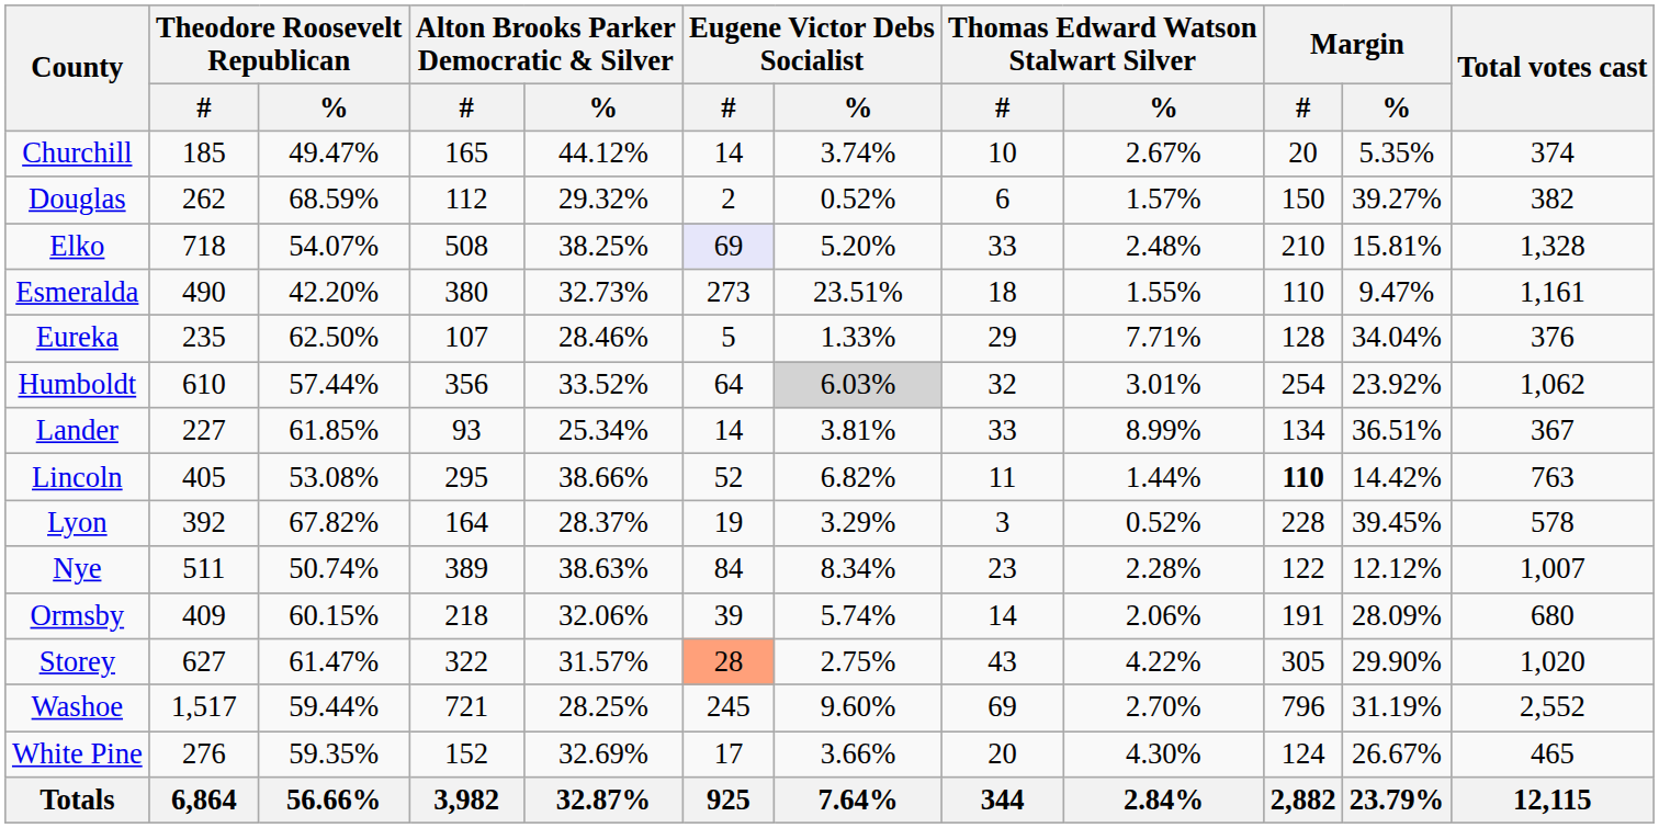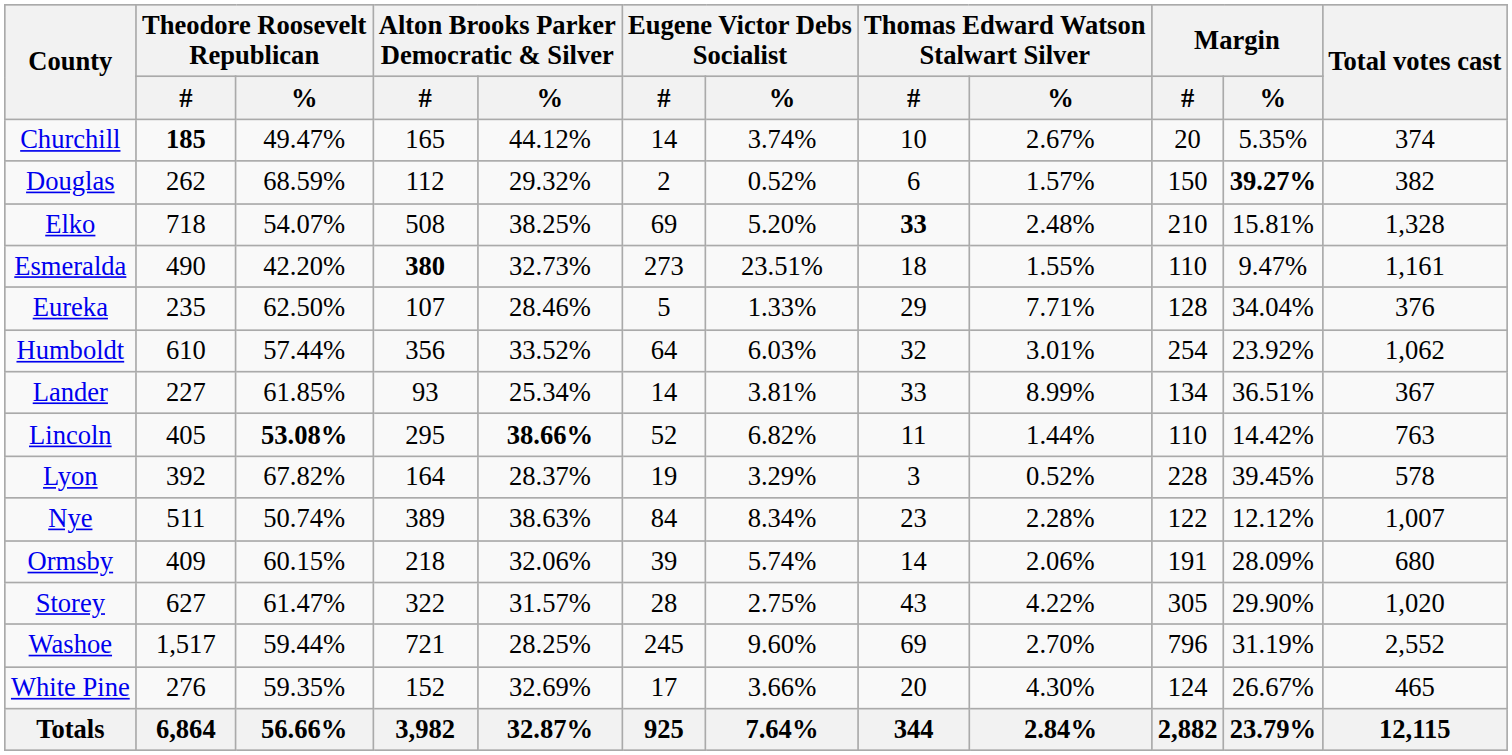 <table class="wikitable sortable" style="text-align:center">
 <tr>
 <th style="text-align:center;" rowspan="2">County</th>
 <th style="text-align:center;" colspan="2">Theodore Roosevelt<br>Republican</th>
 <th style="text-align:center;" colspan="2">Alton Brooks Parker<br>Democratic & Silver</th>
 <th style="text-align:center;" colspan="2">Eugene Victor Debs<br>Socialist</th>
 <th style="text-align:center;" colspan="2">Thomas Edward Watson<br>Stalwart Silver</th>
 <th style="text-align:center;" colspan="2">Margin</th>
 <th style="text-align:center;" rowspan="2">Total votes cast</th>
 </tr>
 <tr>
 <th style="text-align:center;" data-sort-type="number">#</th>
 <th style="text-align:center;" data-sort-type="number">%</th>
 <th style="text-align:center;" data-sort-type="number">#</th>
 <th style="text-align:center;" data-sort-type="number">%</th>
 <th style="text-align:center;" data-sort-type="number">#</th>
 <th style="text-align:center;" data-sort-type="number">%</th>
 <th style="text-align:center;" data-sort-type="number">#</th>
 <th style="text-align:center;" data-sort-type="number">%</th>
 <th style="text-align:center;" data-sort-type="number">#</th>
 <th style="text-align:center;" data-sort-type="number">%</th>
 </tr>
 <tr style="text-align:center;">
 <td><a href='#'>Churchill</a></td>
-<td>185</td>
+<td><strong>185</strong></td>
 <td>49.47%</td>
 <td>165</td>
 <td>44.12%</td>
 <td>14</td>
 <td>3.74%</td>
 <td>10</td>
 <td>2.67%</td>
 <td>20</td>
 <td>5.35%</td>
 <td>374</td>
 </tr>
 <tr style="text-align:center;">
 <td><a href='#'>Douglas</a></td>
 <td>262</td>
 <td>68.59%</td>
 <td>112</td>
 <td>29.32%</td>
 <td>2</td>
 <td>0.52%</td>
 <td>6</td>
 <td>1.57%</td>
 <td>150</td>
-<td>39.27%</td>
+<td><strong>39.27%</strong></td>
 <td>382</td>
 </tr>
 <tr style="text-align:center;">
 <td><a href='#'>Elko</a></td>
 <td>718</td>
 <td>54.07%</td>
 <td>508</td>
 <td>38.25%</td>
-<td style="background: lavender;">69</td>
+<td>69</td>
 <td>5.20%</td>
-<td>33</td>
+<td><strong>33</strong></td>
 <td>2.48%</td>
 <td>210</td>
 <td>15.81%</td>
 <td>1,328</td>
 </tr>
 <tr style="text-align:center;">
 <td><a href='#'>Esmeralda</a></td>
 <td>490</td>
 <td>42.20%</td>
-<td>380</td>
+<td><strong>380</strong></td>
 <td>32.73%</td>
 <td>273</td>
 <td>23.51%</td>
 <td>18</td>
 <td>1.55%</td>
 <td>110</td>
 <td>9.47%</td>
 <td>1,161</td>
 </tr>
 <tr style="text-align:center;">
 <td><a href='#'>Eureka</a></td>
 <td>235</td>
 <td>62.50%</td>
 <td>107</td>
 <td>28.46%</td>
 <td>5</td>
 <td>1.33%</td>
 <td>29</td>
 <td>7.71%</td>
 <td>128</td>
 <td>34.04%</td>
 <td>376</td>
 </tr>
 <tr style="text-align:center;">
 <td><a href='#'>Humboldt</a></td>
 <td>610</td>
 <td>57.44%</td>
 <td>356</td>
 <td>33.52%</td>
 <td>64</td>
-<td style="background: lightgrey;">6.03%</td>
+<td>6.03%</td>
 <td>32</td>
 <td>3.01%</td>
 <td>254</td>
 <td>23.92%</td>
 <td>1,062</td>
 </tr>
 <tr style="text-align:center;">
 <td><a href='#'>Lander</a></td>
 <td>227</td>
 <td>61.85%</td>
 <td>93</td>
 <td>25.34%</td>
 <td>14</td>
 <td>3.81%</td>
 <td>33</td>
 <td>8.99%</td>
 <td>134</td>
 <td>36.51%</td>
 <td>367</td>
 </tr>
 <tr style="text-align:center;">
 <td><a href='#'>Lincoln</a></td>
 <td>405</td>
-<td>53.08%</td>
+<td><strong>53.08%</strong></td>
 <td>295</td>
-<td>38.66%</td>
+<td><strong>38.66%</strong></td>
 <td>52</td>
 <td>6.82%</td>
 <td>11</td>
 <td>1.44%</td>
-<td><strong>110</strong></td>
+<td>110</td>
 <td>14.42%</td>
 <td>763</td>
 </tr>
 <tr style="text-align:center;">
 <td><a href='#'>Lyon</a></td>
 <td>392</td>
 <td>67.82%</td>
 <td>164</td>
 <td>28.37%</td>
 <td>19</td>
 <td>3.29%</td>
 <td>3</td>
 <td>0.52%</td>
 <td>228</td>
 <td>39.45%</td>
 <td>578</td>
 </tr>
 <tr style="text-align:center;">
 <td><a href='#'>Nye</a></td>
 <td>511</td>
 <td>50.74%</td>
 <td>389</td>
 <td>38.63%</td>
 <td>84</td>
 <td>8.34%</td>
 <td>23</td>
 <td>2.28%</td>
 <td>122</td>
 <td>12.12%</td>
 <td>1,007</td>
 </tr>
 <tr style="text-align:center;">
 <td><a href='#'>Ormsby</a></td>
 <td>409</td>
 <td>60.15%</td>
 <td>218</td>
 <td>32.06%</td>
 <td>39</td>
 <td>5.74%</td>
 <td>14</td>
 <td>2.06%</td>
 <td>191</td>
 <td>28.09%</td>
 <td>680</td>
 </tr>
 <tr style="text-align:center;">
 <td><a href='#'>Storey</a></td>
 <td>627</td>
 <td>61.47%</td>
 <td>322</td>
 <td>31.57%</td>
-<td style="background: lightsalmon;">28</td>
+<td>28</td>
 <td>2.75%</td>
 <td>43</td>
 <td>4.22%</td>
 <td>305</td>
 <td>29.90%</td>
 <td>1,020</td>
 </tr>
 <tr style="text-align:center;">
 <td><a href='#'>Washoe</a></td>
 <td>1,517</td>
 <td>59.44%</td>
 <td>721</td>
 <td>28.25%</td>
 <td>245</td>
 <td>9.60%</td>
 <td>69</td>
 <td>2.70%</td>
 <td>796</td>
 <td>31.19%</td>
 <td>2,552</td>
 </tr>
 <tr style="text-align:center;">
 <td><a href='#'>White Pine</a></td>
 <td>276</td>
 <td>59.35%</td>
 <td>152</td>
 <td>32.69%</td>
 <td>17</td>
 <td>3.66%</td>
 <td>20</td>
 <td>4.30%</td>
 <td>124</td>
 <td>26.67%</td>
 <td>465</td>
 </tr>
 <tr style="text-align:center;">
 <th>Totals</th>
 <th>6,864</th>
 <th>56.66%</th>
 <th>3,982</th>
 <th>32.87%</th>
 <th>925</th>
 <th>7.64%</th>
 <th>344</th>
 <th>2.84%</th>
 <th>2,882</th>
 <th>23.79%</th>
 <th>12,115</th>
 </tr>
 </table>
